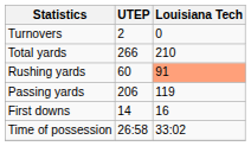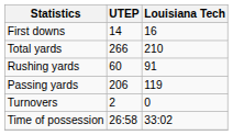 <table class="wikitable">
 <tr>
 <th>Statistics</th>
 <th>UTEP</th>
 <th>Louisiana Tech</th>
 </tr>
 <tr>
-<td>Turnovers</td>
-<td>2</td>
-<td>0</td>
+<td>First downs</td>
+<td>14</td>
+<td>16</td>
 </tr>
 <tr>
 <td>Total yards</td>
 <td>266</td>
 <td>210</td>
 </tr>
 <tr>
 <td>Rushing yards</td>
 <td>60</td>
-<td style="background: lightsalmon;">91</td>
+<td>91</td>
 </tr>
 <tr>
 <td>Passing yards</td>
 <td>206</td>
 <td>119</td>
 </tr>
 <tr>
-<td>First downs</td>
-<td>14</td>
-<td>16</td>
+<td>Turnovers</td>
+<td>2</td>
+<td>0</td>
 </tr>
 <tr>
 <td>Time of possession</td>
 <td>26:58</td>
 <td>33:02</td>
 </tr>
 <tr>
 </tr>
 </table>
